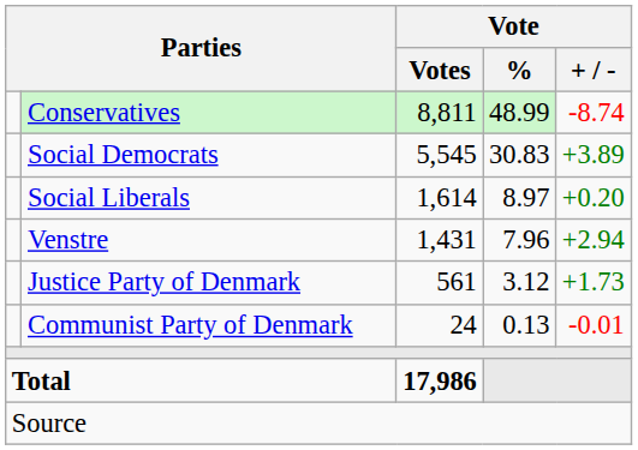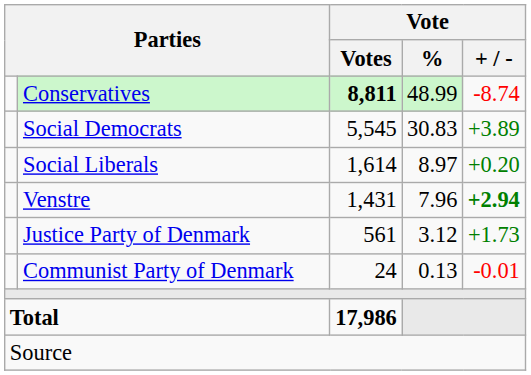 <table class="wikitable" style="text-align:right;">
 <tr>
 <th style="text-align:centre;" rowspan="2" colspan="2" width="225">Parties</th>
 <th colspan="3">Vote</th>
 </tr>
 <tr>
 <th width="15">Votes</th>
 <th width="15">%</th>
 <th width="15">+ / -</th>
 </tr>
 <tr>
 <td width="2" style="color:inherit;background:"></td>
 <td bgcolor=#ccf7cc  align="left"><a href='#'>Conservatives</a></td>
-<td bgcolor=#ccf7cc>8,811</td>
+<td bgcolor=#ccf7cc><strong>8,811</strong></td>
 <td bgcolor=#ccf7cc>48.99</td>
 <td style=color:red;>-8.74</td>
 </tr>
 <tr>
 <td width="2" style="color:inherit;background:"></td>
 <td align="left"><a href='#'>Social Democrats</a></td>
 <td>5,545</td>
 <td>30.83</td>
 <td style=color:green;>+3.89</td>
 </tr>
 <tr>
 <td width="2" style="color:inherit;background:"></td>
 <td align="left"><a href='#'>Social Liberals</a></td>
 <td>1,614</td>
 <td>8.97</td>
 <td style=color:green;>+0.20</td>
 </tr>
 <tr>
 <td width="2" style="color:inherit;background:"></td>
 <td align="left"><a href='#'>Venstre</a></td>
 <td>1,431</td>
 <td>7.96</td>
-<td style=color:green;>+2.94</td>
+<td style=color:green;><strong>+2.94</strong></td>
 </tr>
 <tr>
 <td width="2" style="color:inherit;background:"></td>
 <td align="left"><a href='#'>Justice Party of Denmark</a></td>
 <td>561</td>
 <td>3.12</td>
 <td style=color:green;>+1.73</td>
 </tr>
 <tr>
 <td width="2" style="color:inherit;background:"></td>
 <td align="left"><a href='#'>Communist Party of Denmark</a></td>
 <td>24</td>
 <td>0.13</td>
 <td style=color:red;>-0.01</td>
 </tr>
 <tr>
 <td colspan="7" bgcolor="#E9E9E9"></td>
 </tr>
 <tr>
 <td align="left" colspan="2"><strong>Total</strong></td>
 <td><strong>17,986</strong></td>
 <td bgcolor="#E9E9E9" colspan="2"></td>
 </tr>
 <tr>
 <td align="left" colspan="6">Source</td>
 </tr>
 </table>
